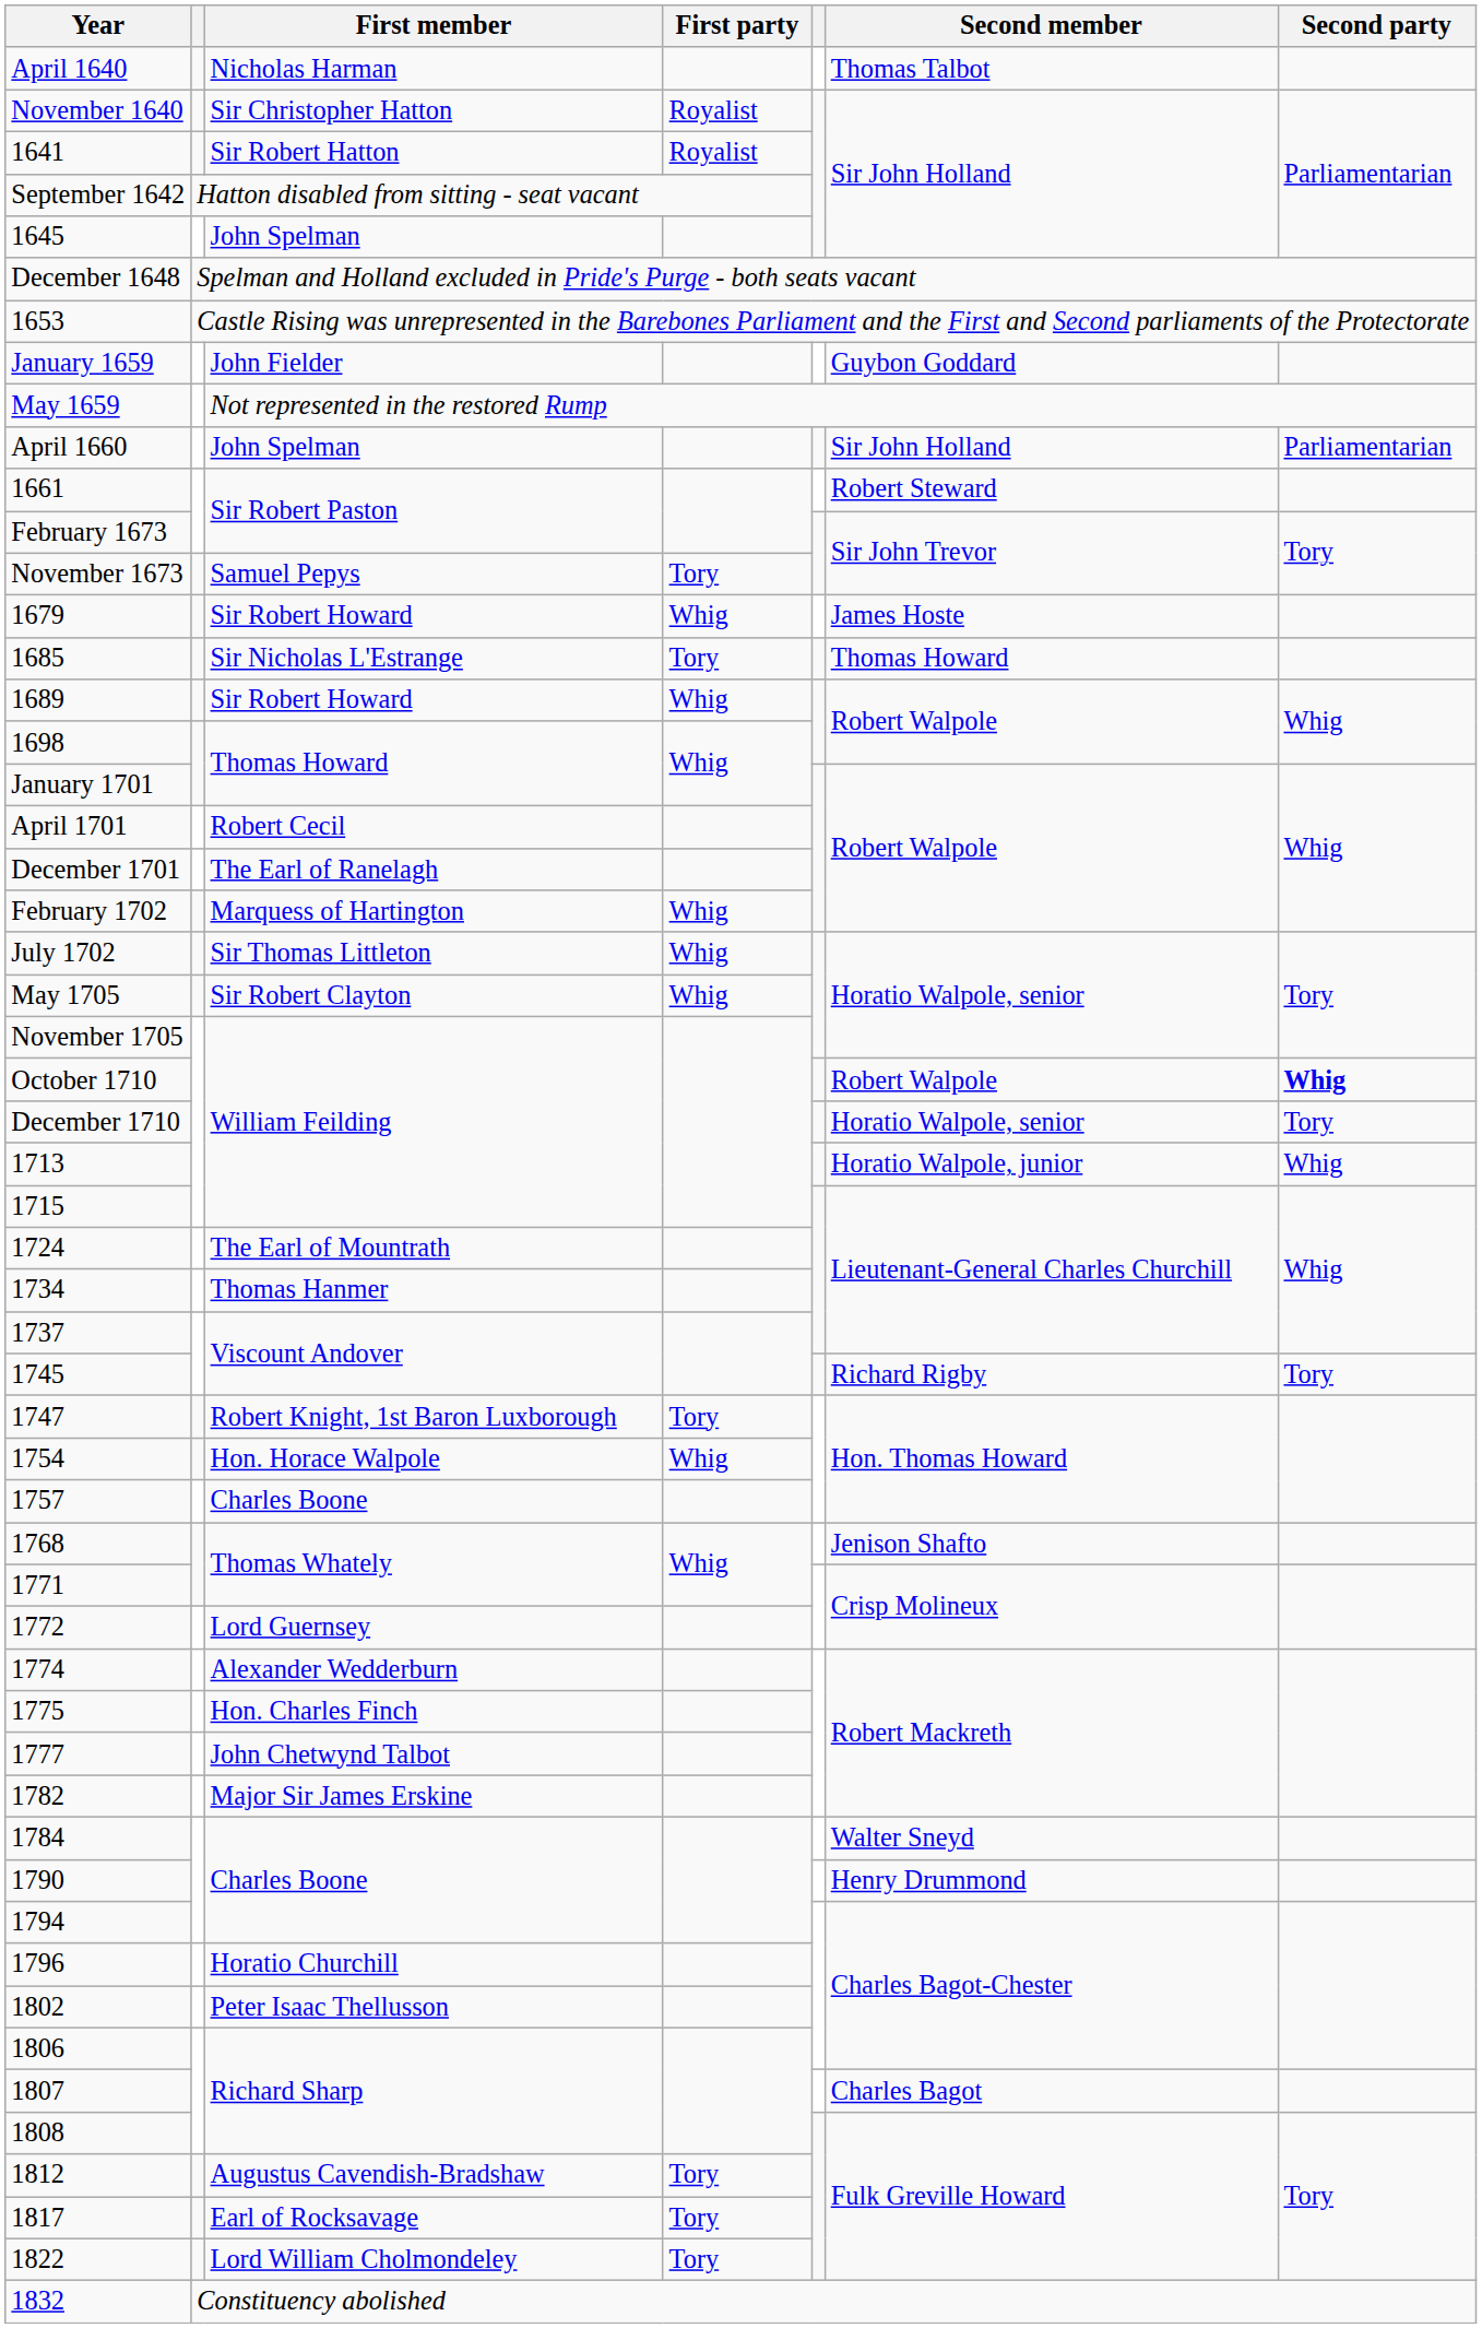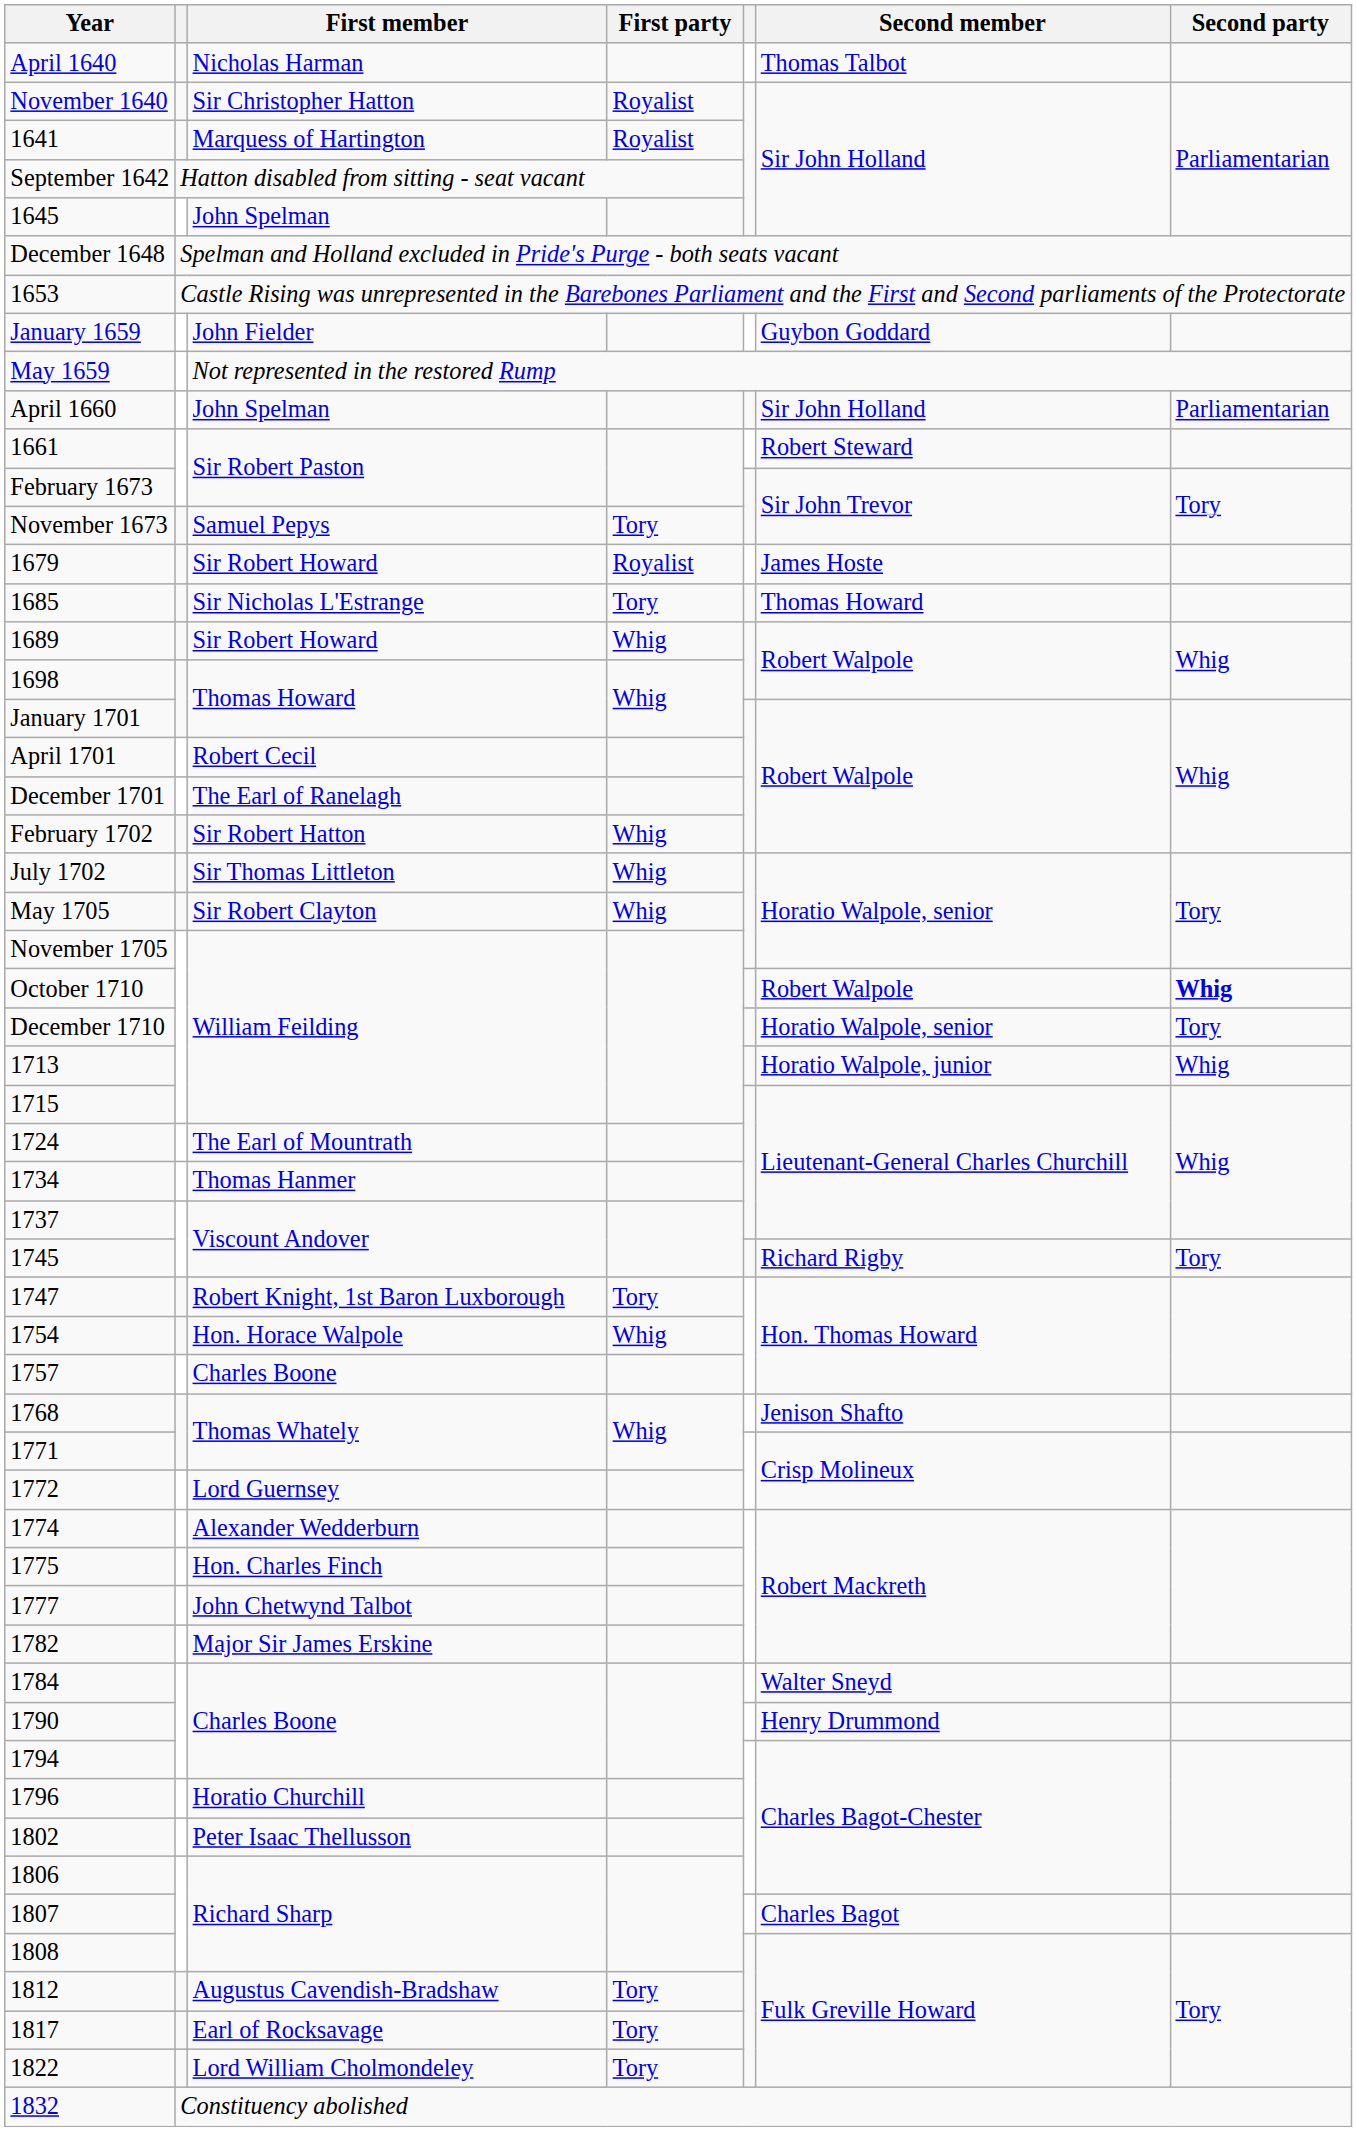 <table class="wikitable">
 <tr>
 <th>Year</th>
 <th></th>
 <th>First member</th>
 <th>First party</th>
 <th></th>
 <th>Second member</th>
 <th>Second party</th>
 </tr>
 <tr>
 <td><a href='#'>April 1640</a></td>
 <td style="color:inherit;background-color: "></td>
 <td><a href='#'>Nicholas Harman</a></td>
 <td></td>
 <td style="color:inherit;background-color: white"></td>
 <td><a href='#'>Thomas Talbot</a></td>
 <td></td>
 </tr>
 <tr>
 <td><a href='#'>November 1640</a></td>
 <td style="color:inherit;background-color: "></td>
 <td><a href='#'>Sir Christopher Hatton</a></td>
 <td><a href='#'>Royalist</a></td>
 <td rowspan="4" style="color:inherit;background-color: "></td>
 <td rowspan="4"><a href='#'>Sir John Holland</a></td>
 <td rowspan="4"><a href='#'>Parliamentarian</a></td>
 </tr>
 <tr>
 <td>1641</td>
 <td style="color:inherit;background-color: "></td>
-<td><a href='#'>Sir Robert Hatton</a></td>
+<td><a href='#'>Marquess of Hartington</a></td>
 <td><a href='#'>Royalist</a></td>
 </tr>
 <tr>
 <td>September 1642</td>
 <td colspan="3"><em>Hatton disabled from sitting - seat vacant</em></td>
 </tr>
 <tr>
 <td>1645</td>
 <td style="color:inherit;background-color: white"></td>
 <td><a href='#'>John Spelman</a></td>
 <td></td>
 </tr>
 <tr>
 <td>December 1648</td>
 <td colspan="6"><em>Spelman and Holland excluded in <a href='#'>Pride's Purge</a> - both seats vacant</em></td>
 </tr>
 <tr>
 <td>1653</td>
 <td colspan="6"><em>Castle Rising was unrepresented in the <a href='#'>Barebones Parliament</a> and the <a href='#'>First</a> and <a href='#'>Second</a> parliaments of the Protectorate</em></td>
 </tr>
 <tr>
 <td><a href='#'>January 1659</a></td>
 <td style="color:inherit;background-color: white"></td>
 <td><a href='#'>John Fielder</a></td>
 <td></td>
 <td style="color:inherit;background-color: white"></td>
 <td><a href='#'>Guybon Goddard</a></td>
 <td></td>
 </tr>
 <tr>
 <td><a href='#'>May 1659</a></td>
 <td style="color:inherit;background-color: white"></td>
 <td colspan="6"><em>Not represented in the restored <a href='#'>Rump</a></em></td>
 </tr>
 <tr>
 <td>April 1660</td>
 <td style="color:inherit;background-color: white"></td>
 <td><a href='#'>John Spelman</a></td>
 <td></td>
 <td style="color:inherit;background-color: "></td>
 <td><a href='#'>Sir John Holland</a></td>
 <td><a href='#'>Parliamentarian</a></td>
 </tr>
 <tr>
 <td>1661</td>
 <td rowspan="2" style="color:inherit;background-color: white"></td>
 <td rowspan="2"><a href='#'>Sir Robert Paston</a></td>
 <td rowspan="2"></td>
 <td style="color:inherit;background-color: white"></td>
 <td><a href='#'>Robert Steward</a></td>
 <td></td>
 </tr>
 <tr>
 <td>February 1673</td>
 <td rowspan="2" style="color:inherit;background-color: "></td>
 <td rowspan="2"><a href='#'>Sir John Trevor</a></td>
 <td rowspan="2"><a href='#'>Tory</a></td>
 </tr>
 <tr>
 <td>November 1673</td>
 <td style="color:inherit;background-color: "></td>
 <td><a href='#'>Samuel Pepys</a></td>
 <td><a href='#'>Tory</a></td>
 </tr>
 <tr>
 <td>1679</td>
 <td style="color:inherit;background-color: "></td>
 <td><a href='#'>Sir Robert Howard</a></td>
-<td><a href='#'>Whig</a></td>
+<td><a href='#'>Royalist</a></td>
 <td style="color:inherit;background-color: white"></td>
 <td><a href='#'>James Hoste</a></td>
 <td></td>
 </tr>
 <tr>
 <td>1685</td>
 <td style="color:inherit;background-color: "></td>
 <td><a href='#'>Sir Nicholas L'Estrange</a></td>
 <td><a href='#'>Tory</a></td>
 <td style="color:inherit;background-color: "></td>
 <td><a href='#'>Thomas Howard</a></td>
 <td></td>
 </tr>
 <tr>
 <td>1689</td>
 <td style="color:inherit;background-color: "></td>
 <td><a href='#'>Sir Robert Howard</a></td>
 <td><a href='#'>Whig</a></td>
 <td rowspan="2" style="color:inherit;background-color: "></td>
 <td rowspan="2"><a href='#'>Robert Walpole</a></td>
 <td rowspan="2"><a href='#'>Whig</a></td>
 </tr>
 <tr>
 <td>1698</td>
 <td rowspan="2" style="color:inherit;background-color: "></td>
 <td rowspan="2"><a href='#'>Thomas Howard</a></td>
 <td rowspan="2"><a href='#'>Whig</a></td>
 </tr>
 <tr>
 <td>January 1701</td>
 <td rowspan="4" style="color:inherit;background-color: "></td>
 <td rowspan="4"><a href='#'>Robert Walpole</a></td>
 <td rowspan="4"><a href='#'>Whig</a></td>
 </tr>
 <tr>
 <td>April 1701</td>
 <td style="color:inherit;background-color: white"></td>
 <td><a href='#'>Robert Cecil</a></td>
 <td></td>
 </tr>
 <tr>
 <td>December 1701</td>
 <td style="color:inherit;background-color: white"></td>
 <td><a href='#'>The Earl of Ranelagh</a></td>
 <td></td>
 </tr>
 <tr>
 <td>February 1702</td>
 <td style="color:inherit;background-color: "></td>
-<td><a href='#'>Marquess of Hartington</a></td>
+<td><a href='#'>Sir Robert Hatton</a></td>
 <td><a href='#'>Whig</a></td>
 </tr>
 <tr>
 <td>July 1702</td>
 <td style="color:inherit;background-color: "></td>
 <td><a href='#'>Sir Thomas Littleton</a></td>
 <td><a href='#'>Whig</a></td>
 <td rowspan="3" style="color:inherit;background-color: "></td>
 <td rowspan="3"><a href='#'>Horatio Walpole, senior</a></td>
 <td rowspan="3"><a href='#'>Tory</a></td>
 </tr>
 <tr>
 <td>May 1705</td>
 <td style="color:inherit;background-color: "></td>
 <td><a href='#'>Sir Robert Clayton</a></td>
 <td><a href='#'>Whig</a></td>
 </tr>
 <tr>
 <td>November 1705</td>
 <td rowspan="5" style="color:inherit;background-color: white"></td>
 <td rowspan="5"><a href='#'>William Feilding</a></td>
 <td rowspan="5"></td>
 </tr>
 <tr>
 <td>October 1710</td>
 <td style="color:inherit;background-color: "></td>
 <td><a href='#'>Robert Walpole</a></td>
 <td><strong><a href='#'>Whig</a></strong></td>
 </tr>
 <tr>
 <td>December 1710</td>
 <td style="color:inherit;background-color: "></td>
 <td><a href='#'>Horatio Walpole, senior</a></td>
 <td><a href='#'>Tory</a></td>
 </tr>
 <tr>
 <td>1713</td>
 <td style="color:inherit;background-color: "></td>
 <td><a href='#'>Horatio Walpole, junior</a></td>
 <td><a href='#'>Whig</a></td>
 </tr>
 <tr>
 <td>1715</td>
 <td rowspan="4" style="color:inherit;background-color: "></td>
 <td rowspan="4"><a href='#'>Lieutenant-General Charles Churchill</a></td>
 <td rowspan="4"><a href='#'>Whig</a></td>
 </tr>
 <tr>
 <td>1724</td>
 <td style="color:inherit;background-color: white"></td>
 <td><a href='#'>The Earl of Mountrath</a></td>
 <td></td>
 </tr>
 <tr>
 <td>1734</td>
 <td style="color:inherit;background-color: white"></td>
 <td><a href='#'>Thomas Hanmer</a></td>
 <td></td>
 </tr>
 <tr>
 <td>1737</td>
 <td rowspan="2" style="color:inherit;background-color: white"></td>
 <td rowspan="2"><a href='#'>Viscount Andover</a></td>
 <td rowspan="2"></td>
 </tr>
 <tr>
 <td>1745</td>
 <td style="color:inherit;background-color: "></td>
 <td><a href='#'>Richard Rigby</a></td>
 <td><a href='#'>Tory</a></td>
 </tr>
 <tr>
 <td>1747</td>
 <td style="color:inherit;background-color: "></td>
 <td><a href='#'>Robert Knight, 1st Baron Luxborough</a></td>
 <td><a href='#'>Tory</a></td>
 <td rowspan="3" style="color:inherit;background-color: white"></td>
 <td rowspan="3"><a href='#'>Hon. Thomas Howard</a></td>
 <td rowspan="3"></td>
 </tr>
 <tr>
 <td>1754</td>
 <td style="color:inherit;background-color: "></td>
 <td><a href='#'>Hon. Horace Walpole</a></td>
 <td><a href='#'>Whig</a></td>
 </tr>
 <tr>
 <td>1757</td>
 <td style="color:inherit;background-color: white"></td>
 <td><a href='#'>Charles Boone</a></td>
 <td></td>
 </tr>
 <tr>
 <td>1768</td>
 <td rowspan="2" style="color:inherit;background-color: "></td>
 <td rowspan="2"><a href='#'>Thomas Whately</a></td>
 <td rowspan="2"><a href='#'>Whig</a></td>
 <td style="color:inherit;background-color: white"></td>
 <td><a href='#'>Jenison Shafto</a></td>
 <td></td>
 </tr>
 <tr>
 <td>1771</td>
 <td rowspan="2" style="color:inherit;background-color: white"></td>
 <td rowspan="2"><a href='#'>Crisp Molineux</a></td>
 <td rowspan="2"></td>
 </tr>
 <tr>
 <td>1772</td>
 <td style="color:inherit;background-color: white"></td>
 <td><a href='#'>Lord Guernsey</a></td>
 <td></td>
 </tr>
 <tr>
 <td>1774</td>
 <td style="color:inherit;background-color: white"></td>
 <td><a href='#'>Alexander Wedderburn</a></td>
 <td></td>
 <td rowspan="4" style="color:inherit;background-color: white"></td>
 <td rowspan="4"><a href='#'>Robert Mackreth</a></td>
 <td rowspan="4"></td>
 </tr>
 <tr>
 <td>1775</td>
 <td style="color:inherit;background-color: white"></td>
 <td><a href='#'>Hon. Charles Finch</a></td>
 <td></td>
 </tr>
 <tr>
 <td>1777</td>
 <td style="color:inherit;background-color: white"></td>
 <td><a href='#'>John Chetwynd Talbot</a></td>
 <td></td>
 </tr>
 <tr>
 <td>1782</td>
 <td style="color:inherit;background-color: white"></td>
 <td><a href='#'>Major Sir James Erskine</a></td>
 <td></td>
 </tr>
 <tr>
 <td>1784</td>
 <td rowspan="3" style="color:inherit;background-color: white"></td>
 <td rowspan="3"><a href='#'>Charles Boone</a></td>
 <td rowspan="3"></td>
 <td style="color:inherit;background-color: white"></td>
 <td><a href='#'>Walter Sneyd</a></td>
 <td></td>
 </tr>
 <tr>
 <td>1790</td>
 <td style="color:inherit;background-color: white"></td>
 <td><a href='#'>Henry Drummond</a></td>
 <td></td>
 </tr>
 <tr>
 <td>1794</td>
 <td rowspan="4" style="color:inherit;background-color: white"></td>
 <td rowspan="4"><a href='#'>Charles Bagot-Chester</a></td>
 <td rowspan="4"></td>
 </tr>
 <tr>
 <td>1796</td>
 <td style="color:inherit;background-color: white"></td>
 <td><a href='#'>Horatio Churchill</a></td>
 <td></td>
 </tr>
 <tr>
 <td>1802</td>
 <td style="color:inherit;background-color: white"></td>
 <td><a href='#'>Peter Isaac Thellusson</a></td>
 <td></td>
 </tr>
 <tr>
 <td>1806</td>
 <td rowspan="3" style="color:inherit;background-color: white"></td>
 <td rowspan="3"><a href='#'>Richard Sharp</a></td>
 <td rowspan="3"></td>
 </tr>
 <tr>
 <td>1807</td>
 <td style="color:inherit;background-color: white"></td>
 <td><a href='#'>Charles Bagot</a></td>
 <td></td>
 </tr>
 <tr>
 <td>1808</td>
 <td rowspan="4" style="color:inherit;background-color: "></td>
 <td rowspan="4"><a href='#'>Fulk Greville Howard</a></td>
 <td rowspan="4"><a href='#'>Tory</a></td>
 </tr>
 <tr>
 <td>1812</td>
 <td style="color:inherit;background-color: "></td>
 <td><a href='#'>Augustus Cavendish-Bradshaw</a></td>
 <td><a href='#'>Tory</a></td>
 </tr>
 <tr>
 <td>1817</td>
 <td style="color:inherit;background-color: "></td>
 <td><a href='#'>Earl of Rocksavage</a></td>
 <td><a href='#'>Tory</a></td>
 </tr>
 <tr>
 <td>1822</td>
 <td style="color:inherit;background-color: "></td>
 <td><a href='#'>Lord William Cholmondeley</a></td>
 <td><a href='#'>Tory</a></td>
 </tr>
 <tr>
 <td><a href='#'>1832</a></td>
 <td colspan="6"><em>Constituency abolished</em></td>
 </tr>
 </table>
